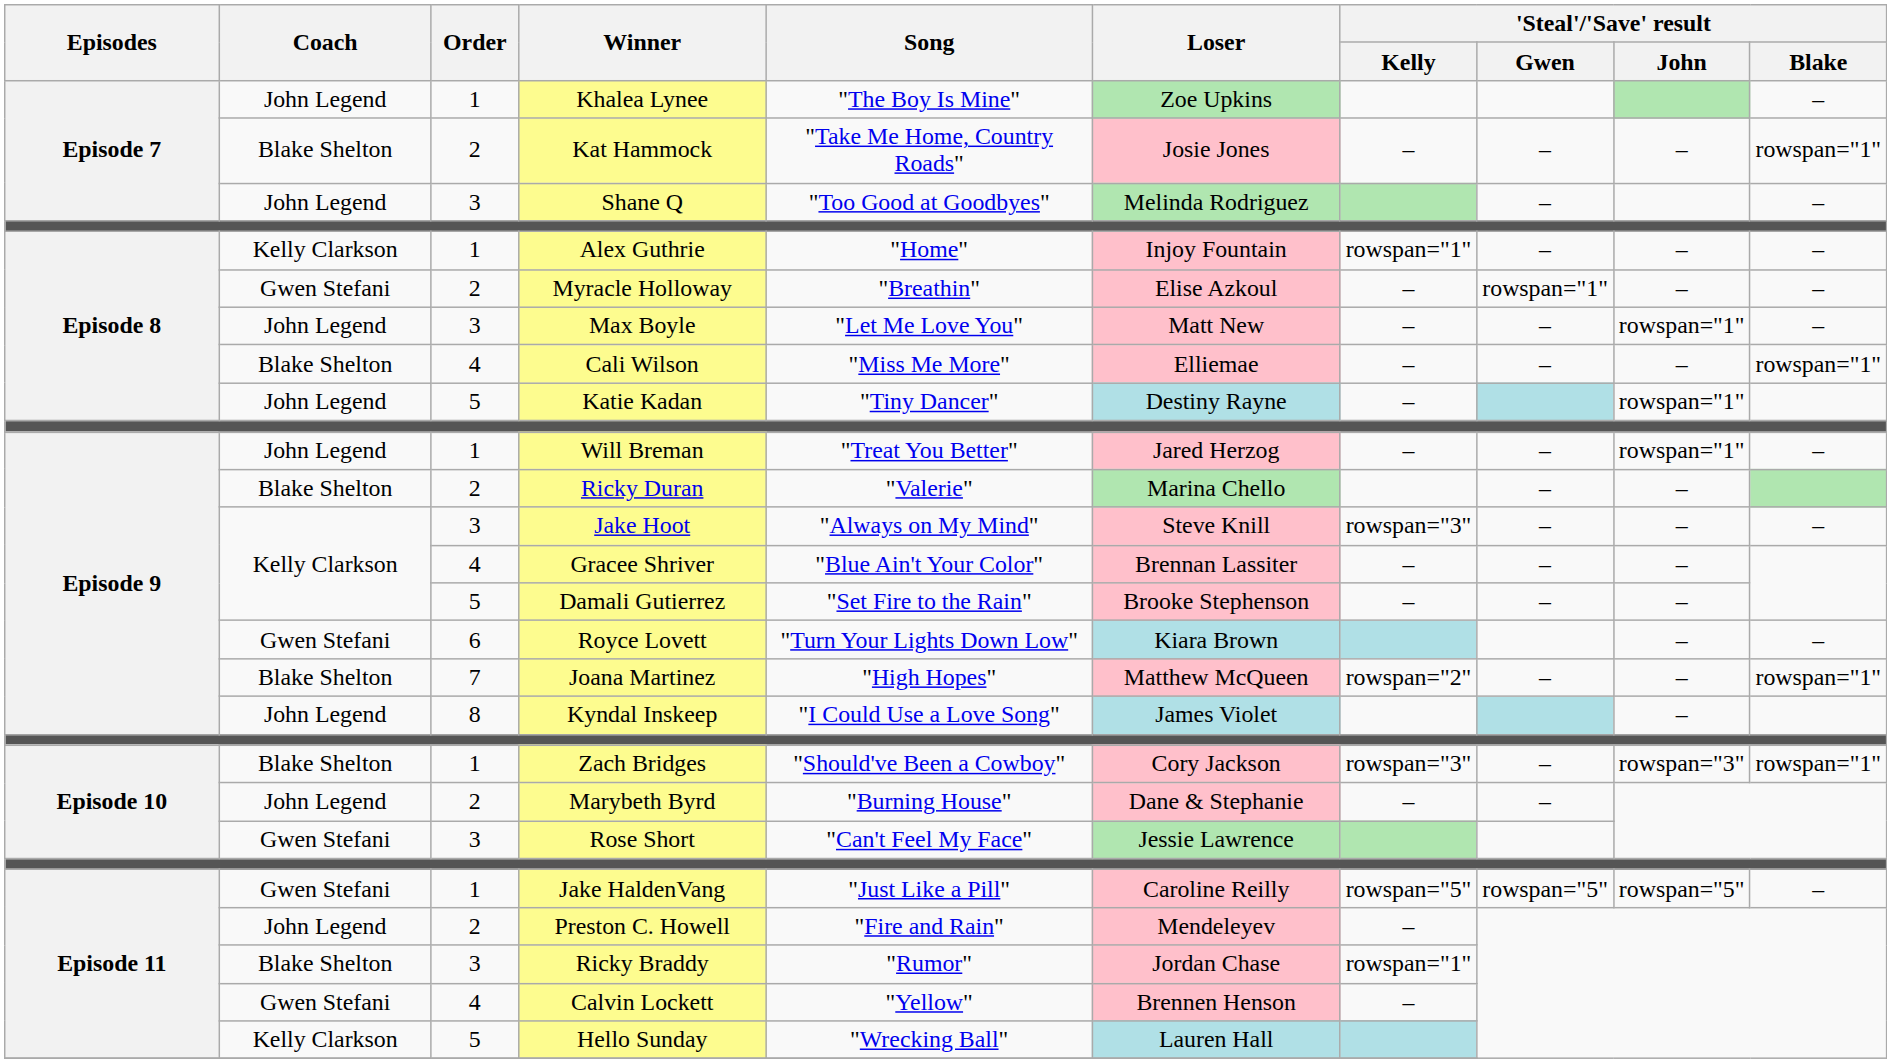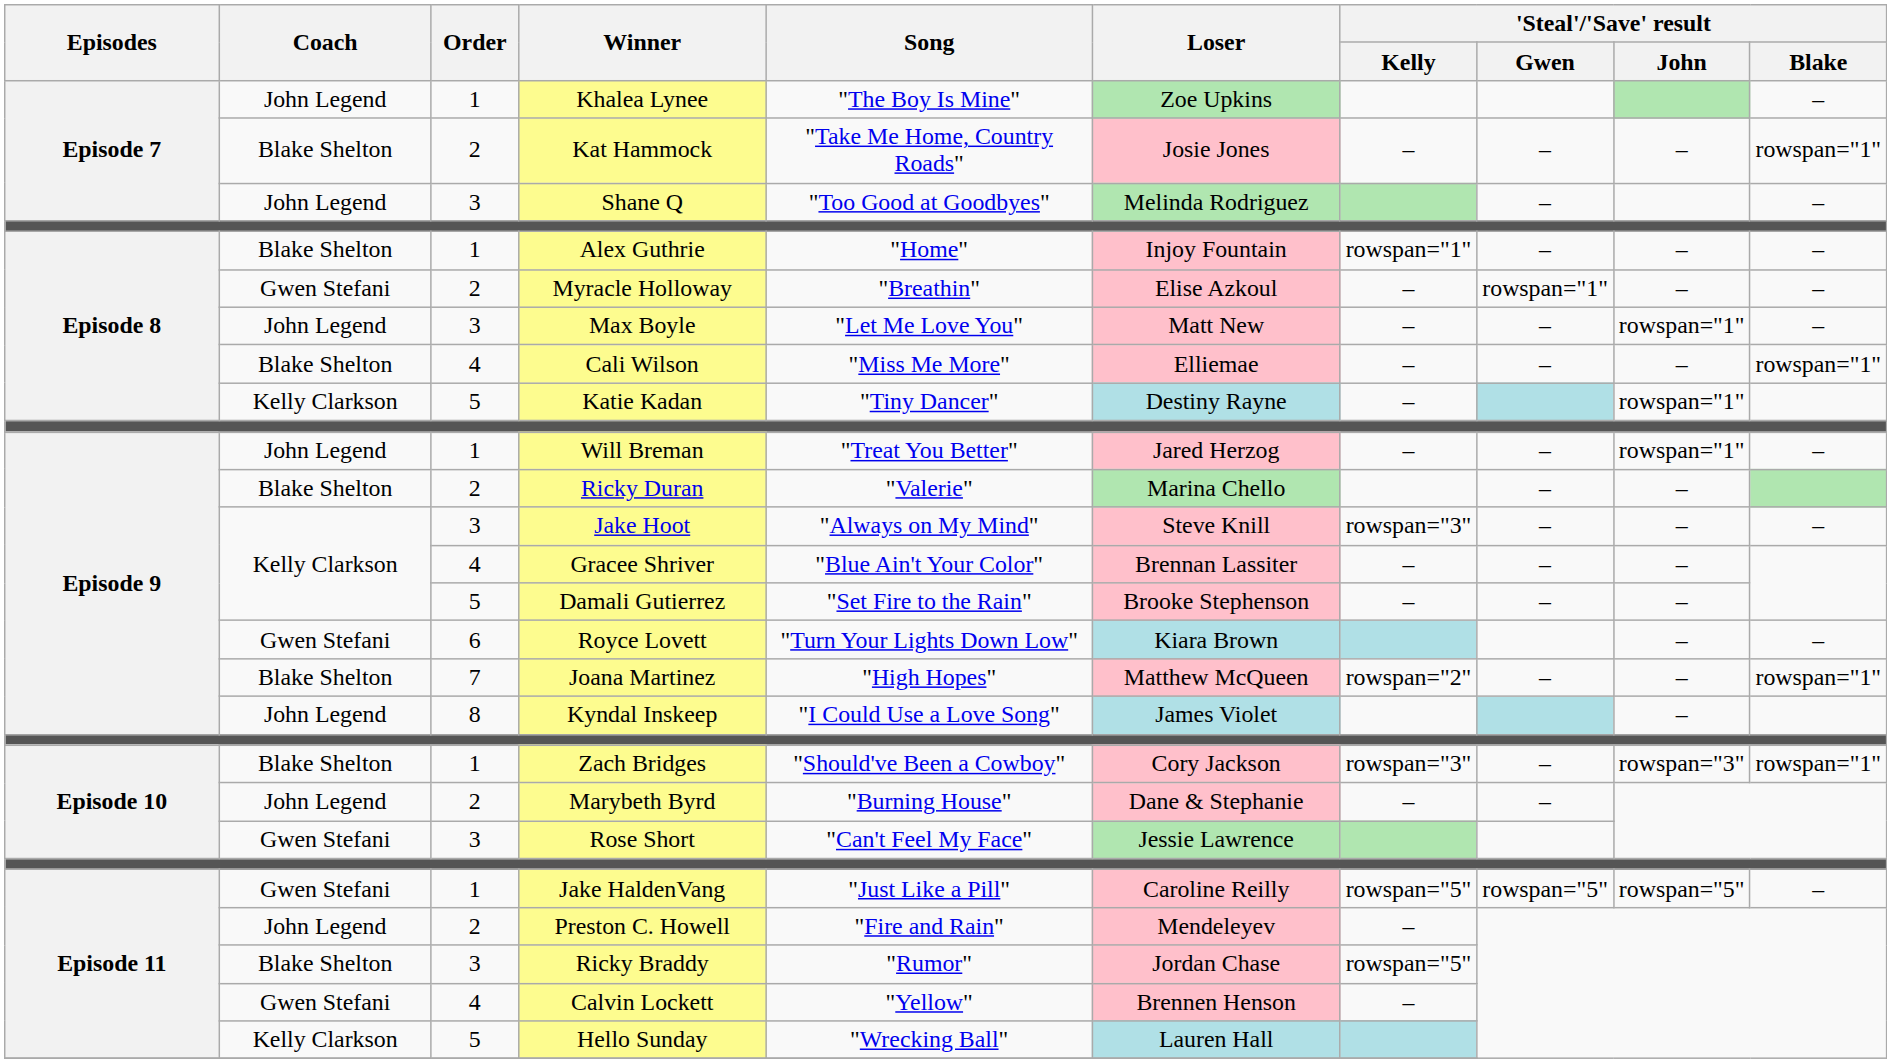 <table class="wikitable" style="text-align: center; width:100%;">
 <tr>
 <th rowspan="2" style="width:15%;">Episodes</th>
 <th rowspan="2" style="width:15%;">Coach</th>
 <th rowspan="2" style="width:05%;">Order</th>
 <th rowspan="2" style="width:17%;">Winner</th>
 <th rowspan="2" style="width:24%;">Song</th>
 <th rowspan="2" style="width:17%;">Loser</th>
 <th colspan="4" style="width:16%;">'Steal'/'Save' result</th>
 </tr>
 <tr>
 <th style="width:04%;">Kelly</th>
 <th style="width:04%;">Gwen</th>
 <th style="width:04%;">John</th>
 <th style="width:04%;">Blake</th>
 </tr>
 <tr>
 <th rowspan="3">Episode 7<br><small></small></th>
 <td>John Legend</td>
 <td>1</td>
 <td style="background:#FDFC8F;">Khalea Lynee</td>
 <td>"<a href='#'>The Boy Is Mine</a>"</td>
 <td style="background:#b0e6b0;">Zoe Upkins</td>
 <td><em></em></td>
 <td><em></em></td>
 <td style="background:#b0e6b0;"><em></em></td>
 <td>–</td>
 </tr>
 <tr>
 <td>Blake Shelton</td>
 <td>2</td>
 <td style="background:#FDFC8F;">Kat Hammock</td>
 <td>"<a href='#'>Take Me Home, Country Roads</a>"</td>
 <td style="background:pink;">Josie Jones</td>
 <td>–</td>
 <td>–</td>
 <td>–</td>
 <td>rowspan="1"</td>
 </tr>
 <tr>
 <td>John Legend</td>
 <td>3</td>
 <td style="background:#FDFC8F;">Shane Q</td>
 <td>"<a href='#'>Too Good at Goodbyes</a>"</td>
 <td style="background:#b0e6b0;">Melinda Rodriguez</td>
 <td style="background:#b0e6b0;"><em></em></td>
 <td>–</td>
 <td><em></em></td>
 <td>–</td>
 </tr>
 <tr>
 <td colspan="10" style="background:#555;"></td>
 </tr>
 <tr>
 <th rowspan="5">Episode 8<br><small></small></th>
-<td>Kelly Clarkson</td>
+<td>Blake Shelton</td>
 <td>1</td>
 <td style="background:#FDFC8F;">Alex Guthrie</td>
 <td>"<a href='#'>Home</a>"</td>
 <td style="background:pink;">Injoy Fountain</td>
 <td>rowspan="1"</td>
 <td>–</td>
 <td>–</td>
 <td>–</td>
 </tr>
 <tr>
 <td>Gwen Stefani</td>
 <td>2</td>
 <td style="background:#FDFC8F;">Myracle Holloway</td>
 <td>"<a href='#'>Breathin</a>"</td>
 <td style="background:pink;">Elise Azkoul</td>
 <td>–</td>
 <td>rowspan="1"</td>
 <td>–</td>
 <td>–</td>
 </tr>
 <tr>
 <td>John Legend</td>
 <td>3</td>
 <td style="background:#FDFC8F;">Max Boyle</td>
 <td>"<a href='#'>Let Me Love You</a>"</td>
 <td style="background:pink;">Matt New</td>
 <td>–</td>
 <td>–</td>
 <td>rowspan="1"</td>
 <td>–</td>
 </tr>
 <tr>
 <td>Blake Shelton</td>
 <td>4</td>
 <td style="background:#FDFC8F;">Cali Wilson</td>
 <td>"<a href='#'>Miss Me More</a>"</td>
 <td style="background:pink;">Elliemae</td>
 <td>–</td>
 <td>–</td>
 <td>–</td>
 <td>rowspan="1"</td>
 </tr>
 <tr>
-<td>John Legend</td>
+<td>Kelly Clarkson</td>
 <td>5</td>
 <td style="background:#FDFC8F;">Katie Kadan</td>
 <td>"<a href='#'>Tiny Dancer</a>"</td>
 <td style="background:#b0e0e6;">Destiny Rayne</td>
 <td>–</td>
 <td style="background:#b0e0e6;"><em></em></td>
 <td>rowspan="1"</td>
 <td><em></em></td>
 </tr>
 <tr>
 <td colspan="10" style="background:#555;"></td>
 </tr>
 <tr>
 <th rowspan="8">Episode 9<br><small></small></th>
 <td>John Legend</td>
 <td>1</td>
 <td style="background:#FDFC8F;">Will Breman</td>
 <td>"<a href='#'>Treat You Better</a>"</td>
 <td style="background:pink;">Jared Herzog</td>
 <td>–</td>
 <td>–</td>
 <td>rowspan="1"</td>
 <td>–</td>
 </tr>
 <tr>
 <td>Blake Shelton</td>
 <td>2</td>
 <td style="background:#FDFC8F;"><a href='#'>Ricky Duran</a></td>
 <td>"<a href='#'>Valerie</a>"</td>
 <td style="background:#b0e6b0;">Marina Chello</td>
 <td><em></em></td>
 <td>–</td>
 <td>–</td>
 <td style="background:#b0e6b0;"><em></em></td>
 </tr>
 <tr>
 <td rowspan="3">Kelly Clarkson</td>
 <td>3</td>
 <td style="background:#FDFC8F;"><a href='#'>Jake Hoot</a></td>
 <td>"<a href='#'>Always on My Mind</a>"</td>
 <td style="background:pink;">Steve Knill</td>
 <td>rowspan="3"</td>
 <td>–</td>
 <td>–</td>
 <td>–</td>
 </tr>
 <tr>
 <td>4</td>
 <td style="background:#FDFC8F;">Gracee Shriver</td>
 <td>"<a href='#'>Blue Ain't Your Color</a>"</td>
 <td style="background:pink;">Brennan Lassiter</td>
 <td>–</td>
 <td>–</td>
 <td>–</td>
 </tr>
 <tr>
 <td>5</td>
 <td style="background:#FDFC8F;">Damali Gutierrez</td>
 <td>"<a href='#'>Set Fire to the Rain</a>"</td>
 <td style="background:pink;">Brooke Stephenson</td>
 <td>–</td>
 <td>–</td>
 <td>–</td>
 </tr>
 <tr>
 <td>Gwen Stefani</td>
 <td>6</td>
 <td style="background:#FDFC8F;">Royce Lovett</td>
 <td>"<a href='#'>Turn Your Lights Down Low</a>"</td>
 <td style="background:#b0e0e6;">Kiara Brown</td>
 <td style="background:#b0e0e6;"><em></em></td>
 <td><em></em></td>
 <td>–</td>
 <td>–</td>
 </tr>
 <tr>
 <td>Blake Shelton</td>
 <td>7</td>
 <td style="background:#FDFC8F;">Joana Martinez</td>
 <td>"<a href='#'>High Hopes</a>"</td>
 <td style="background:pink;">Matthew McQueen</td>
 <td>rowspan="2" </td>
 <td>–</td>
 <td>–</td>
 <td>rowspan="1"</td>
 </tr>
 <tr>
 <td>John Legend</td>
 <td>8</td>
 <td style="background:#FDFC8F;">Kyndal Inskeep</td>
 <td>"<a href='#'>I Could Use a Love Song</a>"</td>
 <td style="background:#b0e0e6;">James Violet</td>
 <td><em></em></td>
 <td style="background:#b0e0e6;"><em></em></td>
 <td>–</td>
 </tr>
 <tr>
 <td colspan="10" style="background:#555;"></td>
 </tr>
 <tr>
 <th rowspan="3">Episode 10<br><small></small></th>
 <td>Blake Shelton</td>
 <td>1</td>
 <td style="background:#FDFC8F;">Zach Bridges</td>
 <td>"<a href='#'>Should've Been a Cowboy</a>"</td>
 <td style="background:pink;">Cory Jackson</td>
 <td>rowspan="3" </td>
 <td>–</td>
 <td>rowspan="3" </td>
 <td>rowspan="1"</td>
 </tr>
 <tr>
 <td>John Legend</td>
 <td>2</td>
 <td style="background:#FDFC8F;">Marybeth Byrd</td>
 <td>"<a href='#'>Burning House</a>"</td>
 <td style="background:pink;">Dane & Stephanie</td>
 <td>–</td>
 <td>–</td>
 </tr>
 <tr>
 <td>Gwen Stefani</td>
 <td>3</td>
 <td style="background:#FDFC8F;">Rose Short</td>
 <td>"<a href='#'>Can't Feel My Face</a>"</td>
 <td style="background:#b0e6b0;">Jessie Lawrence</td>
 <td style="background:#b0e6b0;"><em></em></td>
 <td><em></em></td>
 </tr>
 <tr>
 <td colspan="10" style="background:#555;"></td>
 </tr>
 <tr>
 <th rowspan="5">Episode 11<br><small></small></th>
 <td>Gwen Stefani</td>
 <td>1</td>
 <td style="background:#FDFC8F;">Jake HaldenVang</td>
 <td>"<a href='#'>Just Like a Pill</a>"</td>
 <td style="background:pink;">Caroline Reilly</td>
 <td>rowspan="5" </td>
 <td>rowspan="5" </td>
 <td>rowspan="5" </td>
 <td>–</td>
 </tr>
 <tr>
 <td>John Legend</td>
 <td>2</td>
 <td style="background:#FDFC8F;">Preston C. Howell</td>
 <td>"<a href='#'>Fire and Rain</a>"</td>
 <td style="background:pink;">Mendeleyev</td>
 <td>–</td>
 </tr>
 <tr>
 <td>Blake Shelton</td>
 <td>3</td>
 <td style="background:#FDFC8F;">Ricky Braddy</td>
 <td>"<a href='#'>Rumor</a>"</td>
 <td style="background:pink;">Jordan Chase</td>
-<td>rowspan="1"</td>
+<td>rowspan="5" </td>
 </tr>
 <tr>
 <td>Gwen Stefani</td>
 <td>4</td>
 <td style="background:#FDFC8F;">Calvin Lockett</td>
 <td>"<a href='#'>Yellow</a>"</td>
 <td style="background:pink;">Brennen Henson</td>
 <td>–</td>
 </tr>
 <tr>
 <td>Kelly Clarkson</td>
 <td>5</td>
 <td style="background:#FDFC8F;">Hello Sunday</td>
 <td>"<a href='#'>Wrecking Ball</a>"</td>
 <td style="background:#b0e0e6;">Lauren Hall</td>
 <td bgcolor=#b0e0e6><em></em></td>
 </tr>
 <tr>
 </tr>
 </table>
